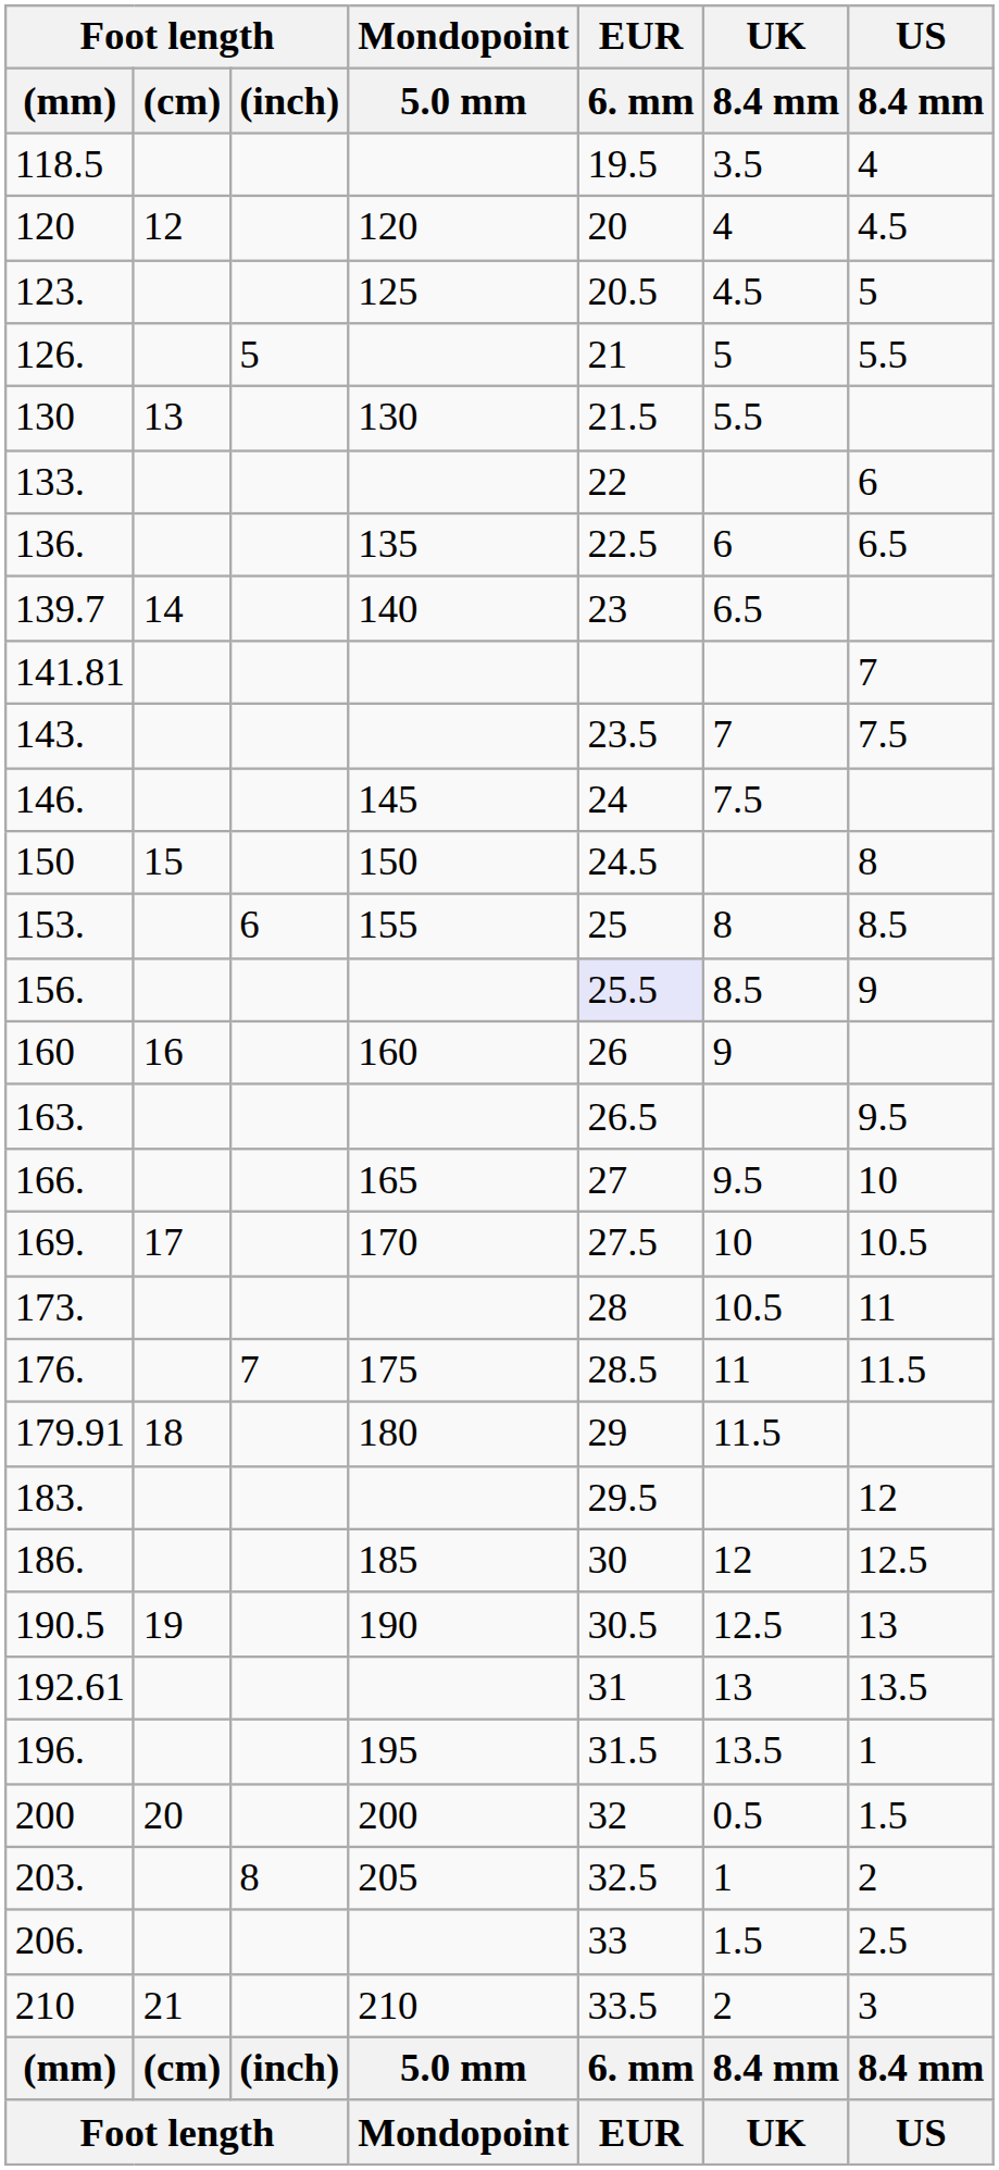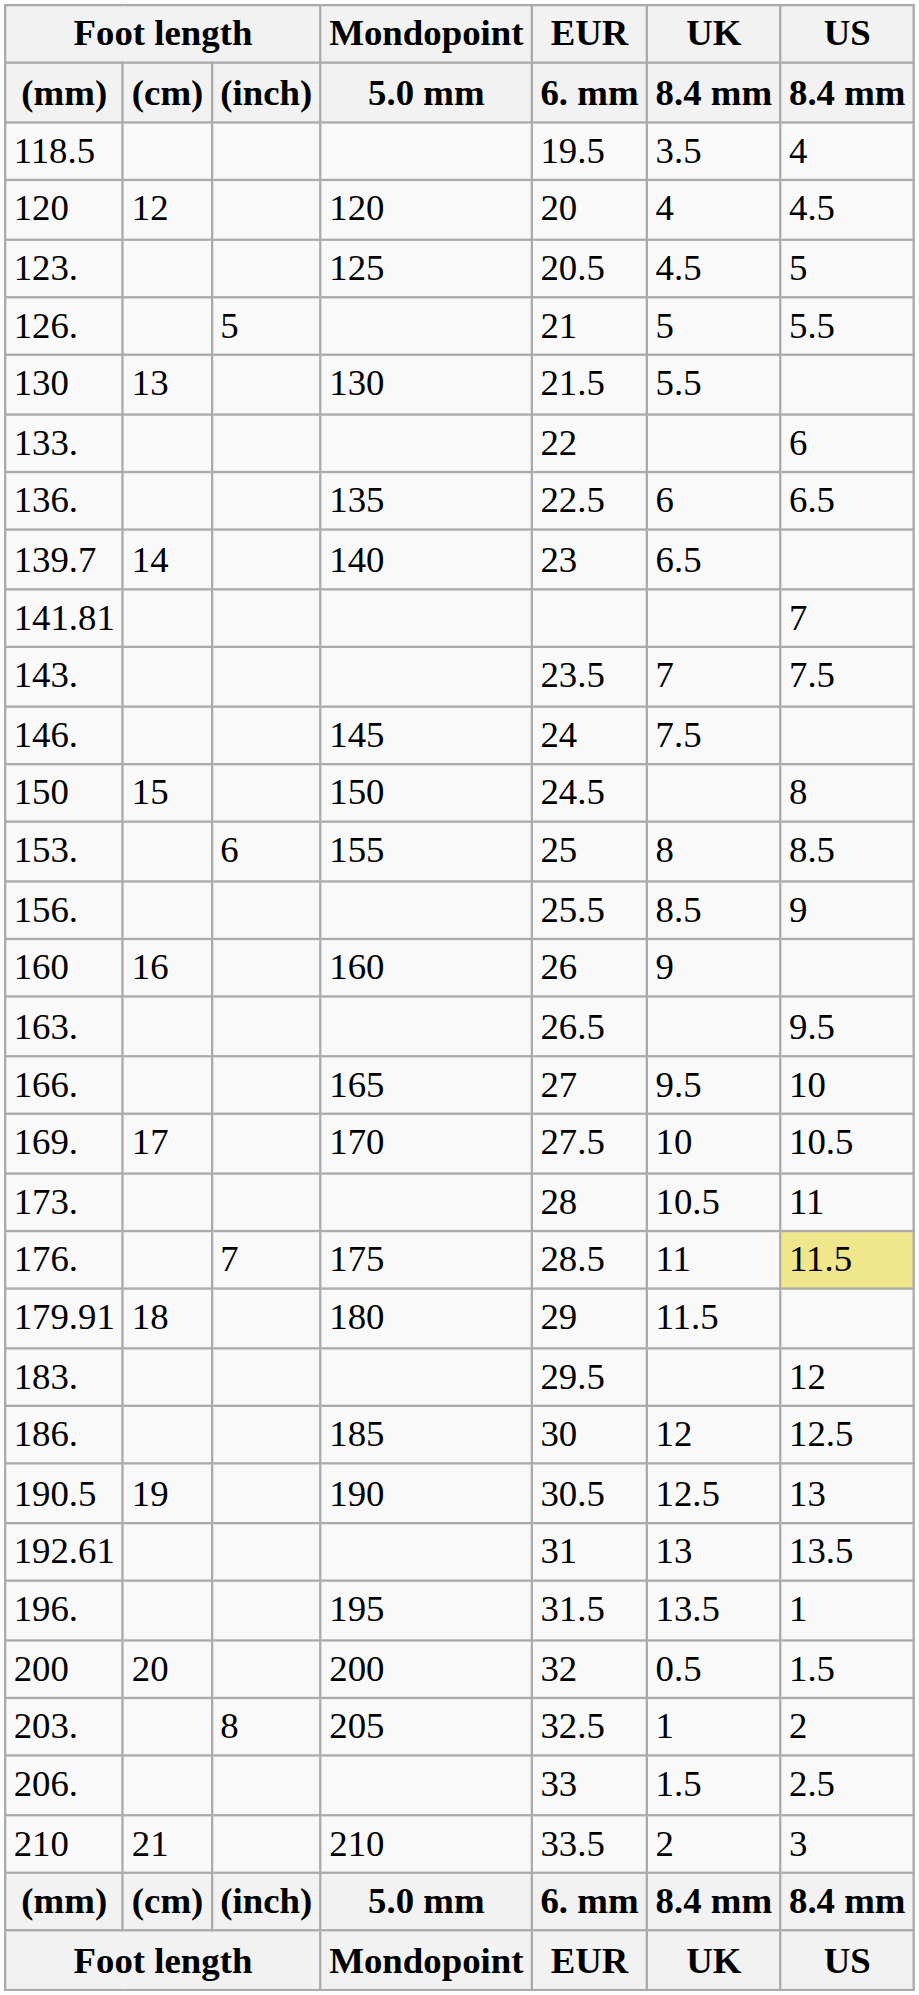 <table class="wikitable sortable">
 <tr>
 <th colspan=3>Foot length</th>
 <th>Mondopoint</th>
 <th>EUR</th>
 <th>UK</th>
 <th>US</th>
 </tr>
 <tr>
 <th>(mm)</th>
 <th>(cm)</th>
 <th data-sort-type="number">(inch)</th>
 <th>5.0 mm</th>
 <th>6. mm</th>
 <th>8.4 mm</th>
 <th>8.4 mm</th>
 </tr>
 <tr>
 <td>118.5</td>
 <td></td>
 <td data-sort-value="4.666"></td>
 <td></td>
 <td>19.5</td>
 <td>3.5</td>
 <td>4</td>
 </tr>
 <tr>
 <td>120</td>
 <td>12</td>
 <td data-sort-value="4.75"></td>
 <td>120</td>
 <td>20</td>
 <td>4</td>
 <td>4.5</td>
 </tr>
 <tr>
 <td>123.</td>
 <td data-sort-value="12.333"></td>
 <td data-sort-value="4.833"></td>
 <td>125</td>
 <td>20.5</td>
 <td>4.5</td>
 <td>5</td>
 </tr>
 <tr>
 <td>126.</td>
 <td data-sort-value="12.666"></td>
 <td>5</td>
 <td></td>
 <td>21</td>
 <td>5</td>
 <td>5.5</td>
 </tr>
 <tr>
 <td>130</td>
 <td>13</td>
 <td data-sort-value="5.08333"></td>
 <td>130</td>
 <td>21.5</td>
 <td>5.5</td>
 <td></td>
 </tr>
 <tr>
 <td>133.</td>
 <td data-sort-value="13.333"></td>
 <td data-sort-value="5.25"></td>
 <td></td>
 <td>22</td>
 <td></td>
 <td>6</td>
 </tr>
 <tr>
 <td>136.</td>
 <td data-sort-value="13.666"></td>
 <td data-sort-value="5.333"></td>
 <td>135</td>
 <td>22.5</td>
 <td>6</td>
 <td>6.5</td>
 </tr>
 <tr>
 <td>139.7</td>
 <td>14</td>
 <td data-sort-value="5.5"></td>
 <td>140</td>
 <td>23</td>
 <td>6.5</td>
 <td></td>
 </tr>
 <tr>
 <td>141.81</td>
 <td></td>
 <td data-sort-value="5.5833"></td>
 <td></td>
 <td></td>
 <td></td>
 <td>7</td>
 </tr>
 <tr>
 <td>143.</td>
 <td data-sort-value="14.333"></td>
 <td data-sort-value="5.666"></td>
 <td></td>
 <td>23.5</td>
 <td>7</td>
 <td>7.5</td>
 </tr>
 <tr>
 <td>146.</td>
 <td data-sort-value="14.666"></td>
 <td data-sort-value="5.75"></td>
 <td>145</td>
 <td>24</td>
 <td>7.5</td>
 <td></td>
 </tr>
 <tr>
 <td>150</td>
 <td>15</td>
 <td data-sort-value="5.91666"></td>
 <td>150</td>
 <td>24.5</td>
 <td></td>
 <td>8</td>
 </tr>
 <tr>
 <td>153.</td>
 <td data-sort-value="15.333"></td>
 <td>6</td>
 <td>155</td>
 <td>25</td>
 <td>8</td>
 <td>8.5</td>
 </tr>
 <tr>
 <td>156.</td>
 <td data-sort-value="15.666"></td>
 <td data-sort-value="6.1666"></td>
 <td></td>
-<td style="background: lavender;">25.5</td>
+<td>25.5</td>
 <td>8.5</td>
 <td>9</td>
 </tr>
 <tr>
 <td>160</td>
 <td>16</td>
 <td data-sort-value="6.333"></td>
 <td>160</td>
 <td>26</td>
 <td>9</td>
 <td></td>
 </tr>
 <tr>
 <td>163.</td>
 <td data-sort-value="16.333"></td>
 <td data-sort-value="6.4166"></td>
 <td></td>
 <td>26.5</td>
 <td></td>
 <td>9.5</td>
 </tr>
 <tr>
 <td>166.</td>
 <td data-sort-value="16.666"></td>
 <td data-sort-value="6.58333"></td>
 <td>165</td>
 <td>27</td>
 <td>9.5</td>
 <td>10</td>
 </tr>
 <tr>
 <td>169.</td>
 <td>17</td>
 <td data-sort-value="6.666"></td>
 <td>170</td>
 <td>27.5</td>
 <td>10</td>
 <td>10.5</td>
 </tr>
 <tr>
 <td>173.</td>
 <td data-sort-value="17.333"></td>
 <td data-sort-value="6.833"></td>
 <td></td>
 <td>28</td>
 <td>10.5</td>
 <td>11</td>
 </tr>
 <tr>
 <td>176.</td>
 <td data-sort-value="17.666"></td>
 <td>7</td>
 <td>175</td>
 <td>28.5</td>
 <td>11</td>
-<td>11.5</td>
+<td style="background: khaki;">11.5</td>
 </tr>
 <tr>
 <td>179.91</td>
 <td>18</td>
 <td data-sort-value="7.08333"></td>
 <td>180</td>
 <td>29</td>
 <td>11.5</td>
 <td></td>
 </tr>
 <tr>
 <td>183.</td>
 <td data-sort-value="18.333"></td>
 <td data-sort-value="7.25"></td>
 <td></td>
 <td>29.5</td>
 <td></td>
 <td>12</td>
 </tr>
 <tr>
 <td>186.</td>
 <td data-sort-value="18.666"></td>
 <td data-sort-value="7.333"></td>
 <td>185</td>
 <td>30</td>
 <td>12</td>
 <td>12.5</td>
 </tr>
 <tr>
 <td>190.5</td>
 <td>19</td>
 <td data-sort-value="7.5"></td>
 <td>190</td>
 <td>30.5</td>
 <td>12.5</td>
 <td>13</td>
 </tr>
 <tr>
 <td>192.61</td>
 <td data-sort-value="19.333"></td>
 <td data-sort-value="7.58333"></td>
 <td></td>
 <td>31</td>
 <td>13</td>
 <td>13.5</td>
 </tr>
 <tr>
 <td>196.</td>
 <td data-sort-value="19.666"></td>
 <td data-sort-value="7.75"></td>
 <td>195</td>
 <td>31.5</td>
 <td>13.5</td>
 <td>1</td>
 </tr>
 <tr>
 <td>200</td>
 <td>20</td>
 <td></td>
 <td>200</td>
 <td>32</td>
 <td>0.5</td>
 <td>1.5</td>
 </tr>
 <tr>
 <td>203.</td>
 <td data-sort-value="20.333"></td>
 <td>8</td>
 <td>205</td>
 <td>32.5</td>
 <td>1</td>
 <td>2</td>
 </tr>
 <tr>
 <td>206.</td>
 <td data-sort-value="20.666"></td>
 <td></td>
 <td></td>
 <td>33</td>
 <td>1.5</td>
 <td>2.5</td>
 </tr>
 <tr>
 <td>210</td>
 <td>21</td>
 <td></td>
 <td>210</td>
 <td>33.5</td>
 <td>2</td>
 <td>3</td>
 </tr>
 <tr>
 <th>(mm)</th>
 <th>(cm)</th>
 <th data-sort-type="number">(inch)</th>
 <th>5.0 mm</th>
 <th>6. mm</th>
 <th>8.4 mm</th>
 <th>8.4 mm</th>
 </tr>
 <tr>
 <th colspan=3>Foot length</th>
 <th>Mondopoint</th>
 <th>EUR</th>
 <th>UK</th>
 <th>US</th>
 </tr>
 </table>
